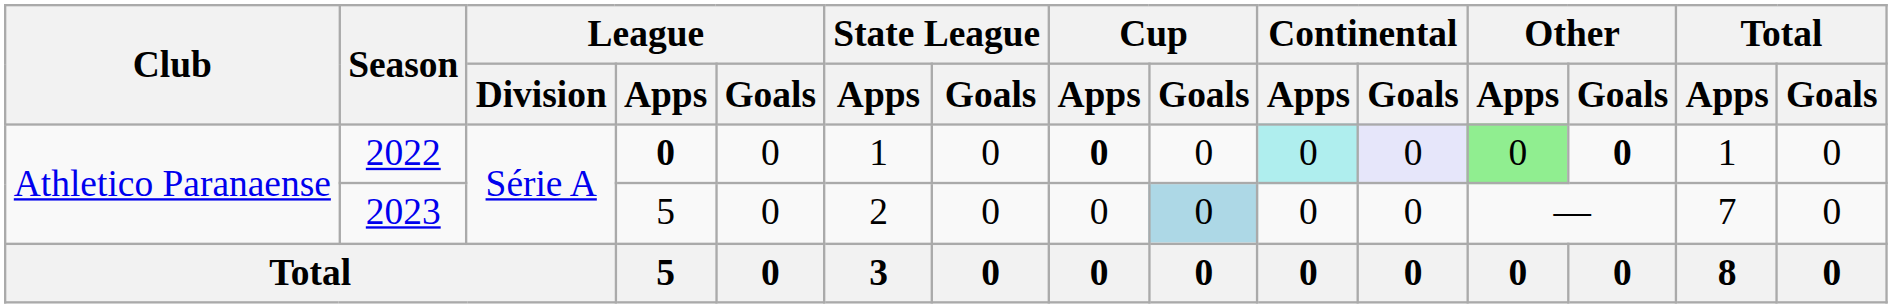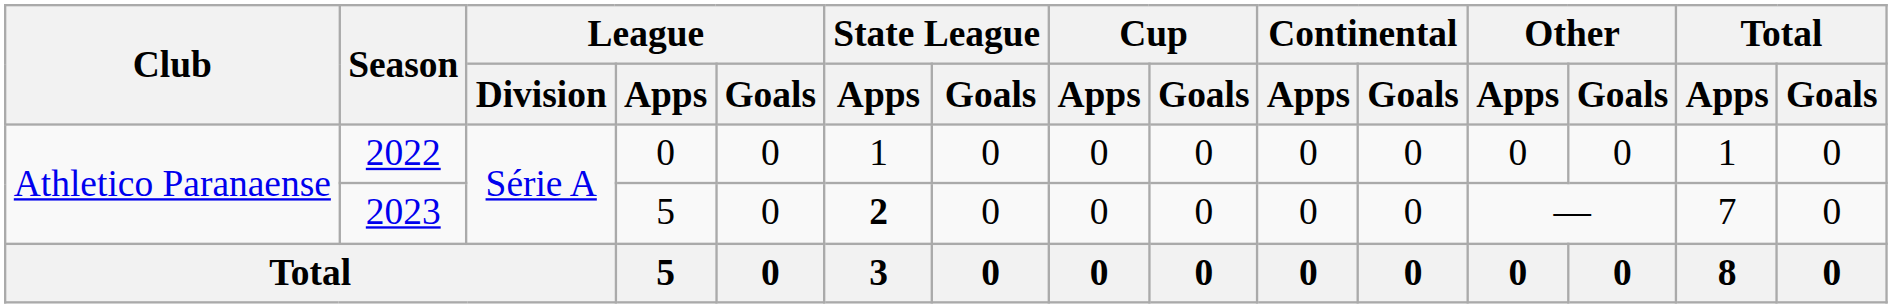 <table class="wikitable" style="text-align: center;">
 <tr>
 <th rowspan="2">Club</th>
 <th rowspan="2">Season</th>
 <th colspan="3">League</th>
 <th colspan="2">State League</th>
 <th colspan="2">Cup</th>
 <th colspan="2">Continental</th>
 <th colspan="2">Other</th>
 <th colspan="2">Total</th>
 </tr>
 <tr>
 <th>Division</th>
 <th>Apps</th>
 <th>Goals</th>
 <th>Apps</th>
 <th>Goals</th>
 <th>Apps</th>
 <th>Goals</th>
 <th>Apps</th>
 <th>Goals</th>
 <th>Apps</th>
 <th>Goals</th>
 <th>Apps</th>
 <th>Goals</th>
 </tr>
 <tr>
 <td rowspan="2" valign="center"><a href='#'>Athletico Paranaense</a></td>
 <td><a href='#'>2022</a></td>
 <td rowspan="2"><a href='#'>Série A</a></td>
-<td><strong>0</strong></td>
+<td>0</td>
 <td>0</td>
 <td>1</td>
 <td>0</td>
-<td><strong>0</strong></td>
 <td>0</td>
-<td style="background: paleturquoise;">0</td>
-<td style="background: lavender;">0</td>
-<td style="background: lightgreen;">0</td>
-<td><strong>0</strong></td>
+<td>0</td>
+<td>0</td>
+<td>0</td>
+<td>0</td>
+<td>0</td>
 <td>1</td>
 <td>0</td>
 </tr>
 <tr>
 <td><a href='#'>2023</a></td>
 <td>5</td>
 <td>0</td>
-<td>2</td>
+<td><strong>2</strong></td>
 <td>0</td>
 <td>0</td>
-<td style="background: lightblue;">0</td>
+<td>0</td>
 <td>0</td>
 <td>0</td>
 <td colspan="2">—</td>
 <td>7</td>
 <td>0</td>
 </tr>
 <tr>
 <th colspan="3"><strong>Total</strong></th>
 <th>5</th>
 <th>0</th>
 <th>3</th>
 <th>0</th>
 <th>0</th>
 <th>0</th>
 <th>0</th>
 <th>0</th>
 <th>0</th>
 <th>0</th>
 <th>8</th>
 <th>0</th>
 </tr>
 </table>
